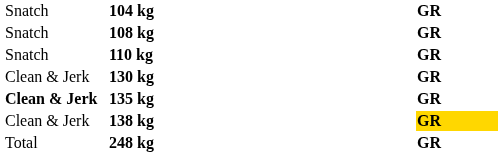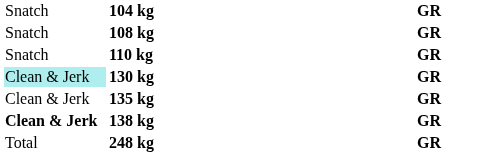 <table>
 <tr>
 <th width=100></th>
 <th width=100></th>
 <th width=200></th>
 <th width=80></th>
 </tr>
 <tr>
 <td>Snatch</td>
 <td><strong>104 kg</strong></td>
 <td></td>
 <td><strong>GR</strong></td>
 </tr>
 <tr>
 <td>Snatch</td>
 <td><strong>108 kg</strong></td>
 <td></td>
 <td><strong>GR</strong></td>
 </tr>
 <tr>
 <td>Snatch</td>
 <td><strong>110 kg</strong></td>
 <td></td>
 <td><strong>GR</strong></td>
 </tr>
 <tr>
-<td>Clean & Jerk</td>
+<td style="background: paleturquoise;">Clean & Jerk</td>
 <td><strong>130 kg</strong></td>
 <td></td>
 <td><strong>GR</strong></td>
 </tr>
 <tr>
-<td><strong>Clean & Jerk</strong></td>
+<td>Clean & Jerk</td>
 <td><strong>135 kg</strong></td>
 <td></td>
 <td><strong>GR</strong></td>
 </tr>
 <tr>
-<td>Clean & Jerk</td>
+<td><strong>Clean & Jerk</strong></td>
 <td><strong>138 kg</strong></td>
 <td></td>
-<td style="background: gold;"><strong>GR</strong></td>
+<td><strong>GR</strong></td>
 </tr>
 <tr>
 <td>Total</td>
 <td><strong>248 kg</strong></td>
 <td></td>
 <td><strong>GR</strong></td>
 </tr>
 </table>
